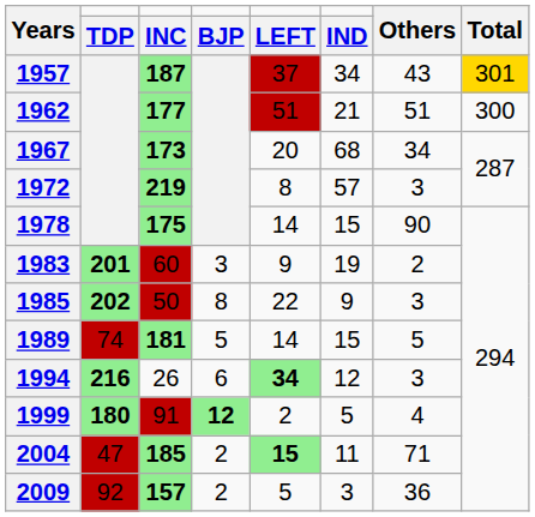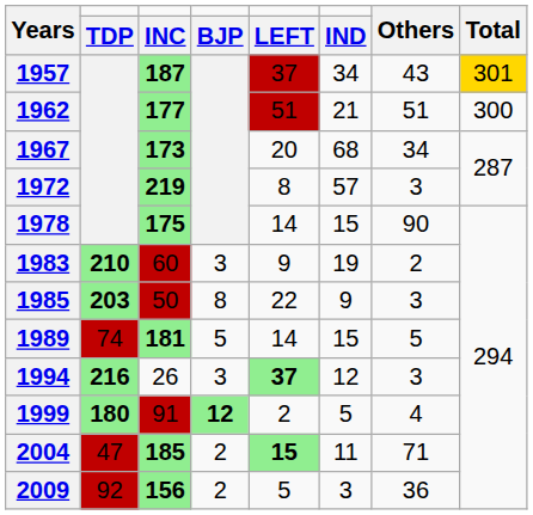 <table class="wikitable" style="text-align:center">
 <tr>
 <th rowspan="2">Years</th>
 <td></td>
 <td></td>
 <td></td>
 <td></td>
 <td></td>
 <th rowspan="2">Others</th>
 <th rowspan="2">Total</th>
 </tr>
 <tr>
 <th><a href='#'>TDP</a></th>
 <th><a href='#'>INC</a></th>
 <th><a href='#'>BJP</a></th>
 <th><a href='#'>LEFT</a></th>
 <th><a href='#'>IND</a></th>
 </tr>
 <tr>
 <th><a href='#'>1957</a></th>
 <th rowspan="5"></th>
 <td bgcolor="lightgreen"><strong>187</strong></td>
 <th rowspan="5"></th>
 <td bgcolor="chili">37</td>
 <td>34</td>
 <td>43</td>
 <td style="background: gold;">301</td>
 </tr>
 <tr>
 <th><a href='#'>1962</a></th>
 <td bgcolor="lightgreen"><strong>177</strong></td>
 <td bgcolor="chili">51</td>
 <td>21</td>
 <td>51</td>
 <td>300</td>
 </tr>
 <tr>
 <th><a href='#'>1967</a></th>
 <td bgcolor="lightgreen"><strong>173</strong></td>
 <td>20</td>
 <td>68</td>
 <td>34</td>
 <td rowspan="2">287</td>
 </tr>
 <tr>
 <th><a href='#'>1972</a></th>
 <td bgcolor="lightgreen"><strong>219</strong></td>
 <td>8</td>
 <td>57</td>
 <td>3</td>
 </tr>
 <tr>
 <th><a href='#'>1978</a></th>
 <td bgcolor="lightgreen"><strong>175</strong></td>
 <td>14</td>
 <td>15</td>
 <td>90</td>
 <td rowspan="8">294</td>
 </tr>
 <tr>
 <th><a href='#'>1983</a></th>
-<td bgcolor="lightgreen"><strong>201</strong></td>
+<td bgcolor="lightgreen"><strong>210</strong></td>
 <td bgcolor="chili">60</td>
 <td>3</td>
 <td>9</td>
 <td>19</td>
 <td>2</td>
 </tr>
 <tr>
 <th><a href='#'>1985</a></th>
-<td bgcolor="lightgreen"><strong>202</strong></td>
+<td bgcolor="lightgreen"><strong>203</strong></td>
 <td bgcolor="chili">50</td>
 <td>8</td>
 <td>22</td>
 <td>9</td>
 <td>3</td>
 </tr>
 <tr>
 <th><a href='#'>1989</a></th>
 <td bgcolor="chili">74</td>
 <td bgcolor="lightgreen"><strong>181</strong></td>
 <td>5</td>
 <td>14</td>
 <td>15</td>
 <td>5</td>
 </tr>
 <tr>
 <th><a href='#'>1994</a></th>
 <td bgcolor="lightgreen"><strong>216</strong></td>
 <td>26</td>
-<td>6</td>
-<td bgcolor="lightgreen"><strong>34</strong></td>
+<td>3</td>
+<td bgcolor="lightgreen"><strong>37</strong></td>
 <td>12</td>
 <td>3</td>
 </tr>
 <tr>
 <th><a href='#'>1999</a></th>
 <td bgcolor="lightgreen"><strong>180</strong></td>
 <td bgcolor="chili">91</td>
 <td bgcolor="lightgreen"><strong>12</strong></td>
 <td>2</td>
 <td>5</td>
 <td>4</td>
 </tr>
 <tr>
 <th><a href='#'>2004</a></th>
 <td bgcolor="chili">47</td>
 <td bgcolor="lightgreen"><strong>185</strong></td>
 <td>2</td>
 <td bgcolor="lightgreen"><strong>15</strong></td>
 <td>11</td>
 <td>71</td>
 </tr>
 <tr>
 <th><a href='#'>2009</a></th>
 <td bgcolor="chili">92</td>
-<td bgcolor="lightgreen"><strong>157</strong></td>
+<td bgcolor="lightgreen"><strong>156</strong></td>
 <td>2</td>
 <td>5</td>
 <td>3</td>
 <td>36</td>
 </tr>
 </table>
